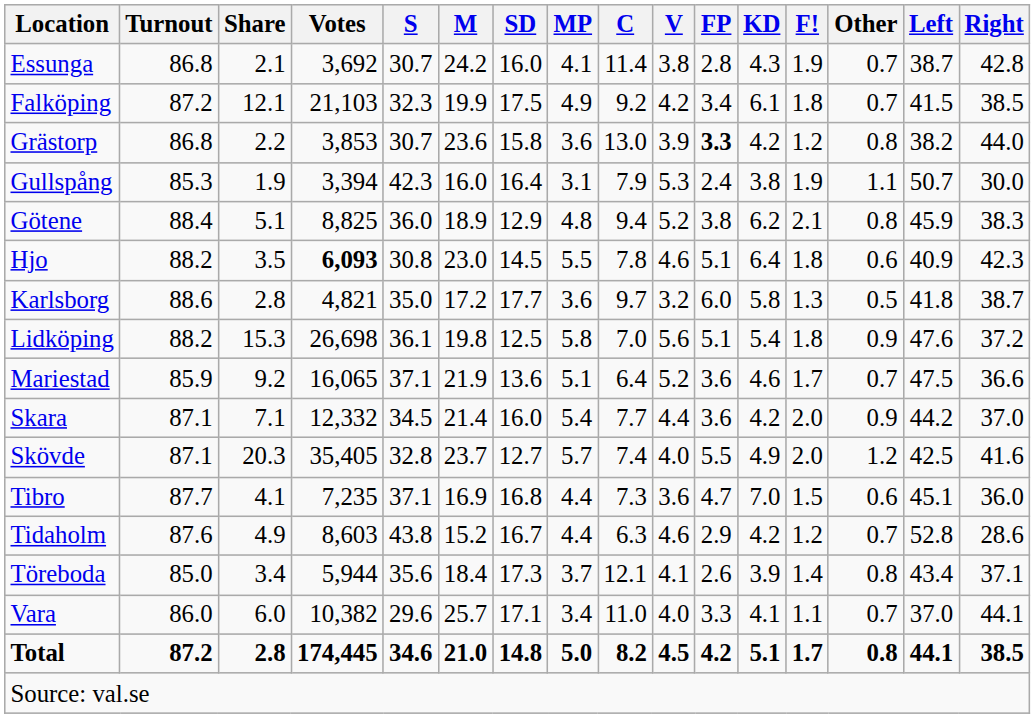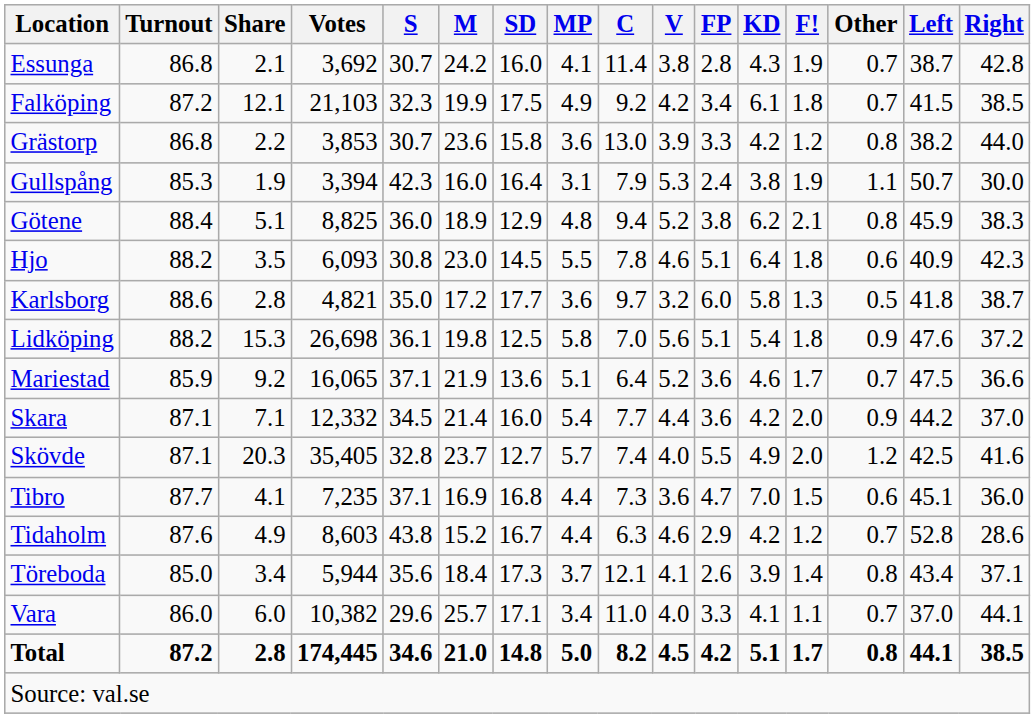 <table class="wikitable sortable" style=text-align:right>
 <tr>
 <th>Location</th>
 <th>Turnout</th>
 <th>Share</th>
 <th>Votes</th>
 <th><a href='#'>S</a></th>
 <th><a href='#'>M</a></th>
 <th><a href='#'>SD</a></th>
 <th><a href='#'>MP</a></th>
 <th><a href='#'>C</a></th>
 <th><a href='#'>V</a></th>
 <th><a href='#'>FP</a></th>
 <th><a href='#'>KD</a></th>
 <th><a href='#'>F!</a></th>
 <th>Other</th>
 <th><a href='#'>Left</a></th>
 <th><a href='#'>Right</a></th>
 </tr>
 <tr>
 <td align=left><a href='#'>Essunga</a></td>
 <td>86.8</td>
 <td>2.1</td>
 <td>3,692</td>
 <td>30.7</td>
 <td>24.2</td>
 <td>16.0</td>
 <td>4.1</td>
 <td>11.4</td>
 <td>3.8</td>
 <td>2.8</td>
 <td>4.3</td>
 <td>1.9</td>
 <td>0.7</td>
 <td>38.7</td>
 <td>42.8</td>
 </tr>
 <tr>
 <td align=left><a href='#'>Falköping</a></td>
 <td>87.2</td>
 <td>12.1</td>
 <td>21,103</td>
 <td>32.3</td>
 <td>19.9</td>
 <td>17.5</td>
 <td>4.9</td>
 <td>9.2</td>
 <td>4.2</td>
 <td>3.4</td>
 <td>6.1</td>
 <td>1.8</td>
 <td>0.7</td>
 <td>41.5</td>
 <td>38.5</td>
 </tr>
 <tr>
 <td align=left><a href='#'>Grästorp</a></td>
 <td>86.8</td>
 <td>2.2</td>
 <td>3,853</td>
 <td>30.7</td>
 <td>23.6</td>
 <td>15.8</td>
 <td>3.6</td>
 <td>13.0</td>
 <td>3.9</td>
-<td><strong>3.3</strong></td>
+<td>3.3</td>
 <td>4.2</td>
 <td>1.2</td>
 <td>0.8</td>
 <td>38.2</td>
 <td>44.0</td>
 </tr>
 <tr>
 <td align=left><a href='#'>Gullspång</a></td>
 <td>85.3</td>
 <td>1.9</td>
 <td>3,394</td>
 <td>42.3</td>
 <td>16.0</td>
 <td>16.4</td>
 <td>3.1</td>
 <td>7.9</td>
 <td>5.3</td>
 <td>2.4</td>
 <td>3.8</td>
 <td>1.9</td>
 <td>1.1</td>
 <td>50.7</td>
 <td>30.0</td>
 </tr>
 <tr>
 <td align=left><a href='#'>Götene</a></td>
 <td>88.4</td>
 <td>5.1</td>
 <td>8,825</td>
 <td>36.0</td>
 <td>18.9</td>
 <td>12.9</td>
 <td>4.8</td>
 <td>9.4</td>
 <td>5.2</td>
 <td>3.8</td>
 <td>6.2</td>
 <td>2.1</td>
 <td>0.8</td>
 <td>45.9</td>
 <td>38.3</td>
 </tr>
 <tr>
 <td align=left><a href='#'>Hjo</a></td>
 <td>88.2</td>
 <td>3.5</td>
-<td><strong>6,093</strong></td>
+<td>6,093</td>
 <td>30.8</td>
 <td>23.0</td>
 <td>14.5</td>
 <td>5.5</td>
 <td>7.8</td>
 <td>4.6</td>
 <td>5.1</td>
 <td>6.4</td>
 <td>1.8</td>
 <td>0.6</td>
 <td>40.9</td>
 <td>42.3</td>
 </tr>
 <tr>
 <td align=left><a href='#'>Karlsborg</a></td>
 <td>88.6</td>
 <td>2.8</td>
 <td>4,821</td>
 <td>35.0</td>
 <td>17.2</td>
 <td>17.7</td>
 <td>3.6</td>
 <td>9.7</td>
 <td>3.2</td>
 <td>6.0</td>
 <td>5.8</td>
 <td>1.3</td>
 <td>0.5</td>
 <td>41.8</td>
 <td>38.7</td>
 </tr>
 <tr>
 <td align=left><a href='#'>Lidköping</a></td>
 <td>88.2</td>
 <td>15.3</td>
 <td>26,698</td>
 <td>36.1</td>
 <td>19.8</td>
 <td>12.5</td>
 <td>5.8</td>
 <td>7.0</td>
 <td>5.6</td>
 <td>5.1</td>
 <td>5.4</td>
 <td>1.8</td>
 <td>0.9</td>
 <td>47.6</td>
 <td>37.2</td>
 </tr>
 <tr>
 <td align=left><a href='#'>Mariestad</a></td>
 <td>85.9</td>
 <td>9.2</td>
 <td>16,065</td>
 <td>37.1</td>
 <td>21.9</td>
 <td>13.6</td>
 <td>5.1</td>
 <td>6.4</td>
 <td>5.2</td>
 <td>3.6</td>
 <td>4.6</td>
 <td>1.7</td>
 <td>0.7</td>
 <td>47.5</td>
 <td>36.6</td>
 </tr>
 <tr>
 <td align=left><a href='#'>Skara</a></td>
 <td>87.1</td>
 <td>7.1</td>
 <td>12,332</td>
 <td>34.5</td>
 <td>21.4</td>
 <td>16.0</td>
 <td>5.4</td>
 <td>7.7</td>
 <td>4.4</td>
 <td>3.6</td>
 <td>4.2</td>
 <td>2.0</td>
 <td>0.9</td>
 <td>44.2</td>
 <td>37.0</td>
 </tr>
 <tr>
 <td align=left><a href='#'>Skövde</a></td>
 <td>87.1</td>
 <td>20.3</td>
 <td>35,405</td>
 <td>32.8</td>
 <td>23.7</td>
 <td>12.7</td>
 <td>5.7</td>
 <td>7.4</td>
 <td>4.0</td>
 <td>5.5</td>
 <td>4.9</td>
 <td>2.0</td>
 <td>1.2</td>
 <td>42.5</td>
 <td>41.6</td>
 </tr>
 <tr>
 <td align=left><a href='#'>Tibro</a></td>
 <td>87.7</td>
 <td>4.1</td>
 <td>7,235</td>
 <td>37.1</td>
 <td>16.9</td>
 <td>16.8</td>
 <td>4.4</td>
 <td>7.3</td>
 <td>3.6</td>
 <td>4.7</td>
 <td>7.0</td>
 <td>1.5</td>
 <td>0.6</td>
 <td>45.1</td>
 <td>36.0</td>
 </tr>
 <tr>
 <td align=left><a href='#'>Tidaholm</a></td>
 <td>87.6</td>
 <td>4.9</td>
 <td>8,603</td>
 <td>43.8</td>
 <td>15.2</td>
 <td>16.7</td>
 <td>4.4</td>
 <td>6.3</td>
 <td>4.6</td>
 <td>2.9</td>
 <td>4.2</td>
 <td>1.2</td>
 <td>0.7</td>
 <td>52.8</td>
 <td>28.6</td>
 </tr>
 <tr>
 <td align=left><a href='#'>Töreboda</a></td>
 <td>85.0</td>
 <td>3.4</td>
 <td>5,944</td>
 <td>35.6</td>
 <td>18.4</td>
 <td>17.3</td>
 <td>3.7</td>
 <td>12.1</td>
 <td>4.1</td>
 <td>2.6</td>
 <td>3.9</td>
 <td>1.4</td>
 <td>0.8</td>
 <td>43.4</td>
 <td>37.1</td>
 </tr>
 <tr>
 <td align=left><a href='#'>Vara</a></td>
 <td>86.0</td>
 <td>6.0</td>
 <td>10,382</td>
 <td>29.6</td>
 <td>25.7</td>
 <td>17.1</td>
 <td>3.4</td>
 <td>11.0</td>
 <td>4.0</td>
 <td>3.3</td>
 <td>4.1</td>
 <td>1.1</td>
 <td>0.7</td>
 <td>37.0</td>
 <td>44.1</td>
 </tr>
 <tr>
 <td align=left><strong>Total</strong></td>
 <td><strong>87.2</strong></td>
 <td><strong>2.8</strong></td>
 <td><strong>174,445</strong></td>
 <td><strong>34.6</strong></td>
 <td><strong>21.0</strong></td>
 <td><strong>14.8</strong></td>
 <td><strong>5.0</strong></td>
 <td><strong>8.2</strong></td>
 <td><strong>4.5</strong></td>
 <td><strong>4.2</strong></td>
 <td><strong>5.1</strong></td>
 <td><strong>1.7</strong></td>
 <td><strong>0.8</strong></td>
 <td><strong>44.1</strong></td>
 <td><strong>38.5</strong></td>
 </tr>
 <tr>
 <td align=left colspan=16>Source: val.se </td>
 </tr>
 </table>
